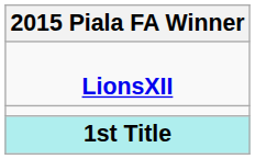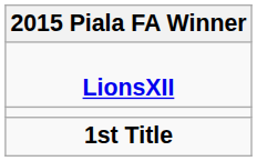 <table class="wikitable" style="text-align: center; margin: 0 auto;">
 <tr>
 <th>2015 Piala FA Winner</th>
 </tr>
 <tr>
 <td><br><strong><a href='#'>LionsXII</a></strong></td>
 </tr>
 <tr>
 <td></td>
 </tr>
 <tr>
-<td style="background: paleturquoise;"><strong>1st Title</strong></td>
+<td><strong>1st Title</strong></td>
 </tr>
 </table>
